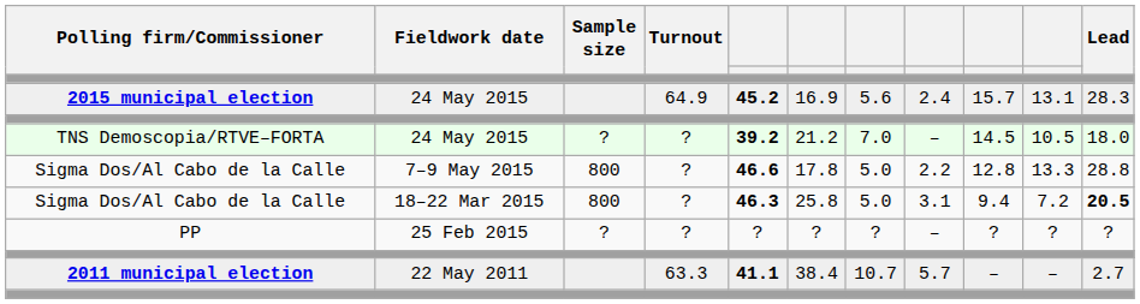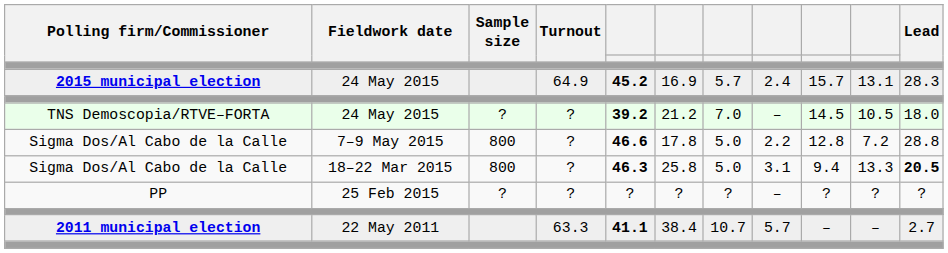 <table class="wikitable collapsible collapsed" style="text-align:center; font-size:95%; line-height:16px;">
 <tr style="height:42px;">
 <th style="width:250px;" rowspan="2">Polling firm/Commissioner</th>
 <th style="width:125px;" rowspan="2">Fieldwork date</th>
 <th style="width:50px;" rowspan="2">Sample size</th>
 <th style="width:45px;" rowspan="2">Turnout</th>
 <th style="width:35px;"></th>
 <th style="width:35px;"></th>
 <th style="width:35px;"></th>
 <th style="width:35px;"></th>
 <th style="width:35px;"></th>
 <th style="width:35px;"></th>
 <th style="width:30px;" rowspan="2">Lead</th>
 </tr>
 <tr>
 <th style="color:inherit;background:"></th>
 <th style="color:inherit;background:"></th>
 <th style="color:inherit;background:"></th>
 <th style="color:inherit;background:"></th>
 <th style="color:inherit;background:"></th>
 <th style="color:inherit;background:"></th>
 </tr>
 <tr>
 <td colspan="11" style="background:#A0A0A0"></td>
 </tr>
 <tr style="background:#EFEFEF;">
 <td><strong><a href='#'>2015 municipal election</a></strong></td>
 <td>24 May 2015</td>
 <td></td>
 <td>64.9</td>
 <td><strong>45.2</strong><br></td>
 <td>16.9<br></td>
-<td>5.6<br></td>
+<td>5.7<br></td>
 <td>2.4<br></td>
 <td>15.7<br></td>
 <td>13.1<br></td>
 <td style="background:">28.3</td>
 </tr>
 <tr>
 <td colspan="11" style="background:#A0A0A0"></td>
 </tr>
 <tr style="background:#EAFFEA;">
 <td>TNS Demoscopia/RTVE–FORTA</td>
 <td>24 May 2015</td>
 <td>?</td>
 <td>?</td>
 <td><strong>39.2</strong><br></td>
 <td>21.2<br></td>
 <td>7.0<br></td>
 <td>–</td>
 <td>14.5<br></td>
 <td>10.5<br></td>
 <td style="background:">18.0</td>
 </tr>
 <tr>
 <td>Sigma Dos/Al Cabo de la Calle</td>
 <td>7–9 May 2015</td>
 <td>800</td>
 <td>?</td>
 <td><strong>46.6</strong><br></td>
 <td>17.8<br></td>
 <td>5.0<br></td>
 <td>2.2<br></td>
 <td>12.8<br></td>
-<td>13.3<br></td>
+<td>7.2<br></td>
 <td style="background:">28.8</td>
 </tr>
 <tr>
 <td>Sigma Dos/Al Cabo de la Calle</td>
 <td>18–22 Mar 2015</td>
 <td>800</td>
 <td>?</td>
 <td><strong>46.3</strong><br></td>
 <td>25.8<br></td>
 <td>5.0<br></td>
 <td>3.1<br></td>
 <td>9.4<br></td>
-<td>7.2<br></td>
+<td>13.3<br></td>
 <td style="background:"><strong>20.5</strong></td>
 </tr>
 <tr>
 <td>PP</td>
 <td>25 Feb 2015</td>
 <td>?</td>
 <td>?</td>
 <td>?<br></td>
 <td>?<br></td>
 <td>?<br></td>
 <td>–</td>
 <td>?<br></td>
 <td>?<br></td>
 <td style="background:">?</td>
 </tr>
 <tr>
 <td colspan="11" style="background:#A0A0A0"></td>
 </tr>
 <tr style="background:#EFEFEF;">
 <td><strong><a href='#'>2011 municipal election</a></strong></td>
 <td>22 May 2011</td>
 <td></td>
 <td>63.3</td>
 <td><strong>41.1</strong><br></td>
 <td>38.4<br></td>
 <td>10.7<br></td>
 <td>5.7<br></td>
 <td>–</td>
 <td>–</td>
 <td style="background:">2.7</td>
 </tr>
 <tr>
 <td colspan="11" style="background:#A0A0A0"></td>
 </tr>
 </table>
